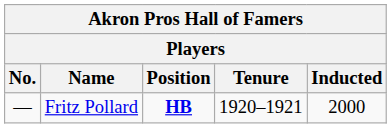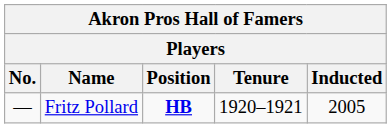 <table class="wikitable" style="text-align:center">
 <tr>
 <th colspan="5">Akron Pros Hall of Famers</th>
 </tr>
 <tr>
 <th colspan="5">Players</th>
 </tr>
 <tr>
 <th>No.</th>
 <th>Name</th>
 <th>Position</th>
 <th>Tenure</th>
 <th>Inducted</th>
 </tr>
 <tr>
 <td>—</td>
 <td><a href='#'>Fritz Pollard</a></td>
 <td><strong><a href='#'>HB</a></strong></td>
 <td>1920–1921</td>
-<td>2000</td>
+<td>2005</td>
 </tr>
 </table>
